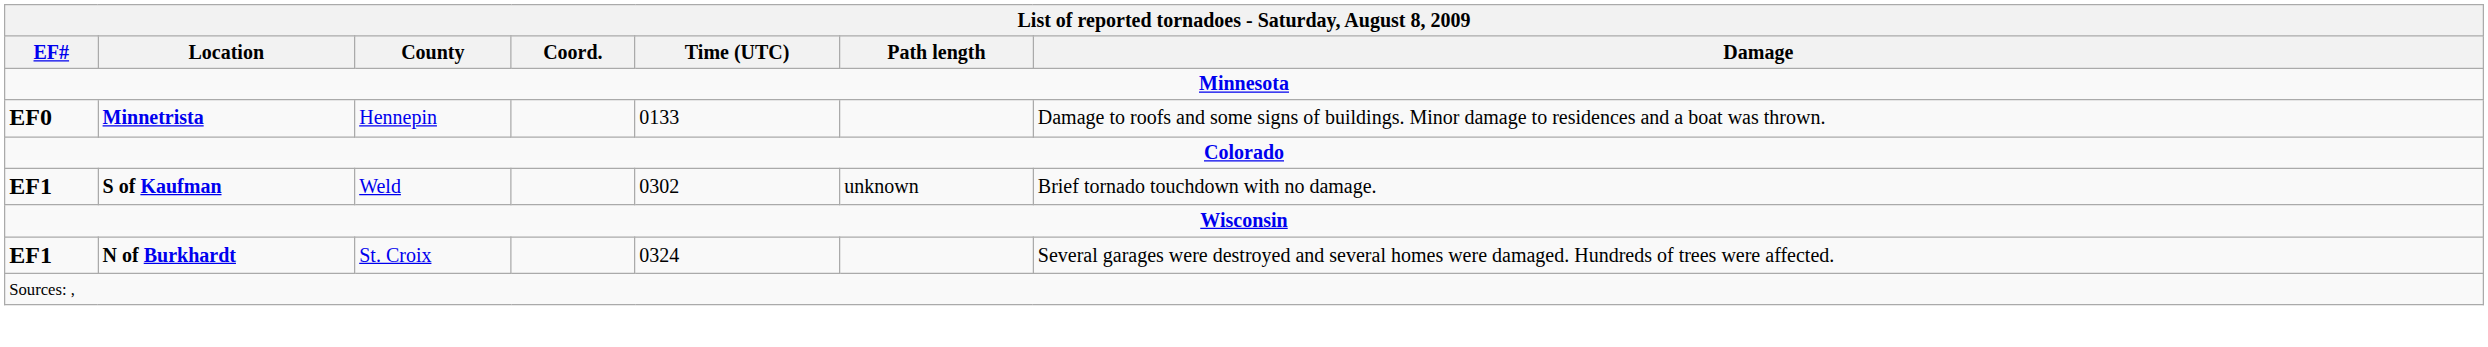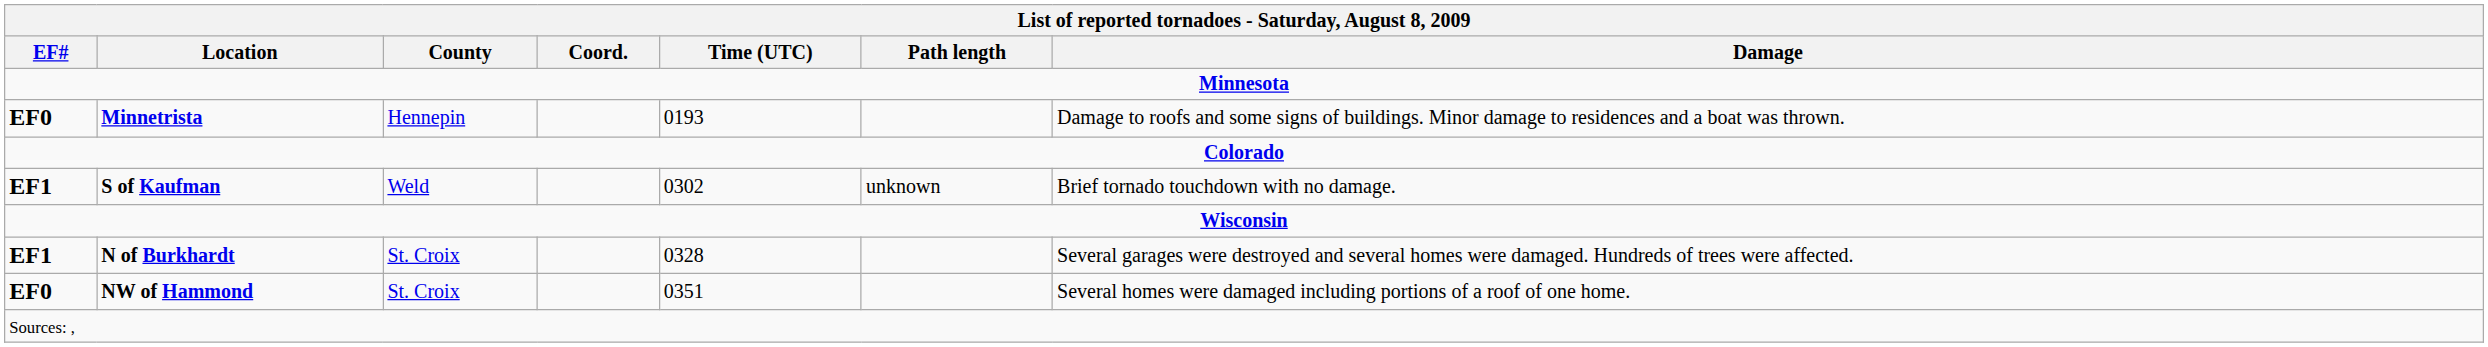 <table class="wikitable collapsible" style="width:100%;">
 <tr>
 <th colspan="7">List of reported tornadoes - Saturday, August 8, 2009</th>
 </tr>
 <tr>
 <th><a href='#'>EF#</a></th>
 <th>Location</th>
 <th>County</th>
 <th>Coord.</th>
 <th>Time (UTC)</th>
 <th>Path length</th>
 <th>Damage</th>
 </tr>
 <tr>
 <td colspan="7" style="text-align:center;"><strong><a href='#'>Minnesota</a></strong></td>
 </tr>
 <tr>
 <td><big><strong>EF0</strong></big></td>
 <td><strong><a href='#'>Minnetrista</a></strong></td>
 <td><a href='#'>Hennepin</a></td>
 <td></td>
-<td>0133</td>
+<td>0193</td>
 <td></td>
 <td>Damage to roofs and some signs of buildings. Minor damage to residences and a boat was thrown.</td>
 </tr>
 <tr>
 <td colspan="7" style="text-align:center;"><strong><a href='#'>Colorado</a></strong></td>
 </tr>
 <tr>
 <td><big><strong>EF1</strong></big></td>
 <td><strong>S of <a href='#'>Kaufman</a></strong></td>
 <td><a href='#'>Weld</a></td>
 <td></td>
 <td>0302</td>
 <td>unknown</td>
 <td>Brief tornado touchdown with no damage.</td>
 </tr>
 <tr>
 <td colspan="7" style="text-align:center;"><strong><a href='#'>Wisconsin</a></strong></td>
 </tr>
 <tr>
 <td><big><strong>EF1</strong></big></td>
 <td><strong>N of <a href='#'>Burkhardt</a></strong></td>
 <td><a href='#'>St. Croix</a></td>
 <td></td>
-<td>0324</td>
+<td>0328</td>
 <td></td>
 <td>Several garages were destroyed and several homes were damaged. Hundreds of trees were affected.</td>
+</tr>
+<tr>
+<td><big><strong>EF0</strong></big></td>
+<td><strong>NW of <a href='#'>Hammond</a></strong></td>
+<td><a href='#'>St. Croix</a></td>
+<td></td>
+<td>0351</td>
+<td></td>
+<td>Several homes were damaged including portions of a roof of one home.</td>
 </tr>
 <tr>
 <td colspan="7"><small>Sources: , </small></td>
 </tr>
 </table>
